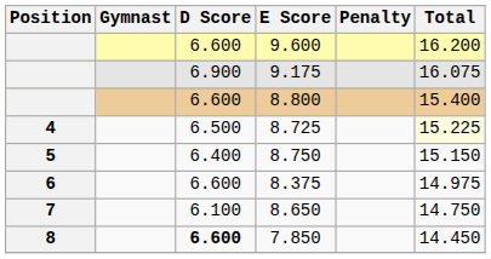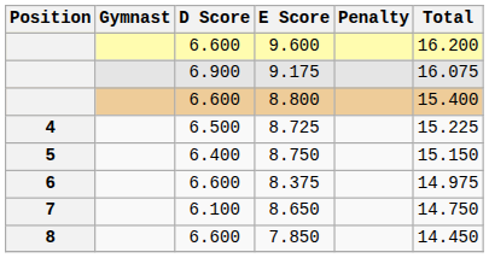 <table class="wikitable sortable" style="text-align:center; font-size:95%">
 <tr>
 <th scope=col>Position</th>
 <th scope=col>Gymnast</th>
 <th scope=col>D Score</th>
 <th scope=col>E Score</th>
 <th scope=col>Penalty</th>
 <th scope=col>Total</th>
 </tr>
 <tr bgcolor=fffcaf>
 <th scope=row></th>
 <td align="left"></td>
 <td>6.600</td>
 <td>9.600</td>
 <td></td>
 <td>16.200</td>
 </tr>
 <tr bgcolor=e5e5e5>
 <th scope=row></th>
 <td align="left"></td>
 <td>6.900</td>
 <td>9.175</td>
 <td></td>
 <td>16.075</td>
 </tr>
 <tr bgcolor=eecc99>
 <th scope=row></th>
 <td align="left"></td>
 <td>6.600</td>
 <td>8.800</td>
 <td></td>
 <td>15.400</td>
 </tr>
 <tr>
 <th scope=row>4</th>
 <td align="left"></td>
 <td>6.500</td>
 <td>8.725</td>
 <td></td>
-<td style="background: lightyellow;">15.225</td>
+<td>15.225</td>
 </tr>
 <tr>
 <th scope=row>5</th>
 <td align="left"></td>
 <td>6.400</td>
 <td>8.750</td>
 <td></td>
 <td>15.150</td>
 </tr>
 <tr>
 <th scope=row>6</th>
 <td align="left"></td>
 <td>6.600</td>
 <td>8.375</td>
 <td></td>
 <td>14.975</td>
 </tr>
 <tr>
 <th scope=row>7</th>
 <td align="left"></td>
 <td>6.100</td>
 <td>8.650</td>
 <td></td>
 <td>14.750</td>
 </tr>
 <tr>
 <th scope=row>8</th>
 <td align="left"></td>
-<td><strong>6.600</strong></td>
+<td>6.600</td>
 <td>7.850</td>
 <td></td>
 <td>14.450</td>
 </tr>
 <tr>
 </tr>
 </table>
